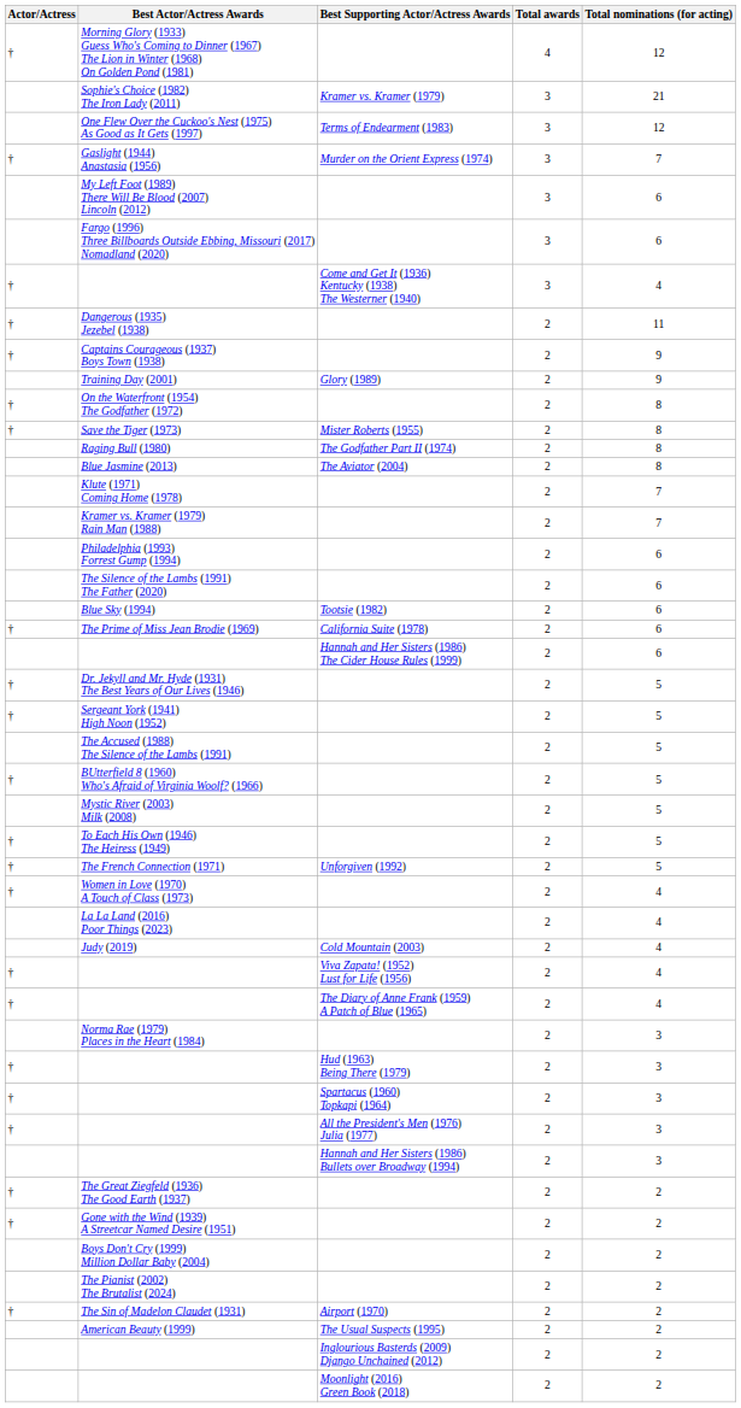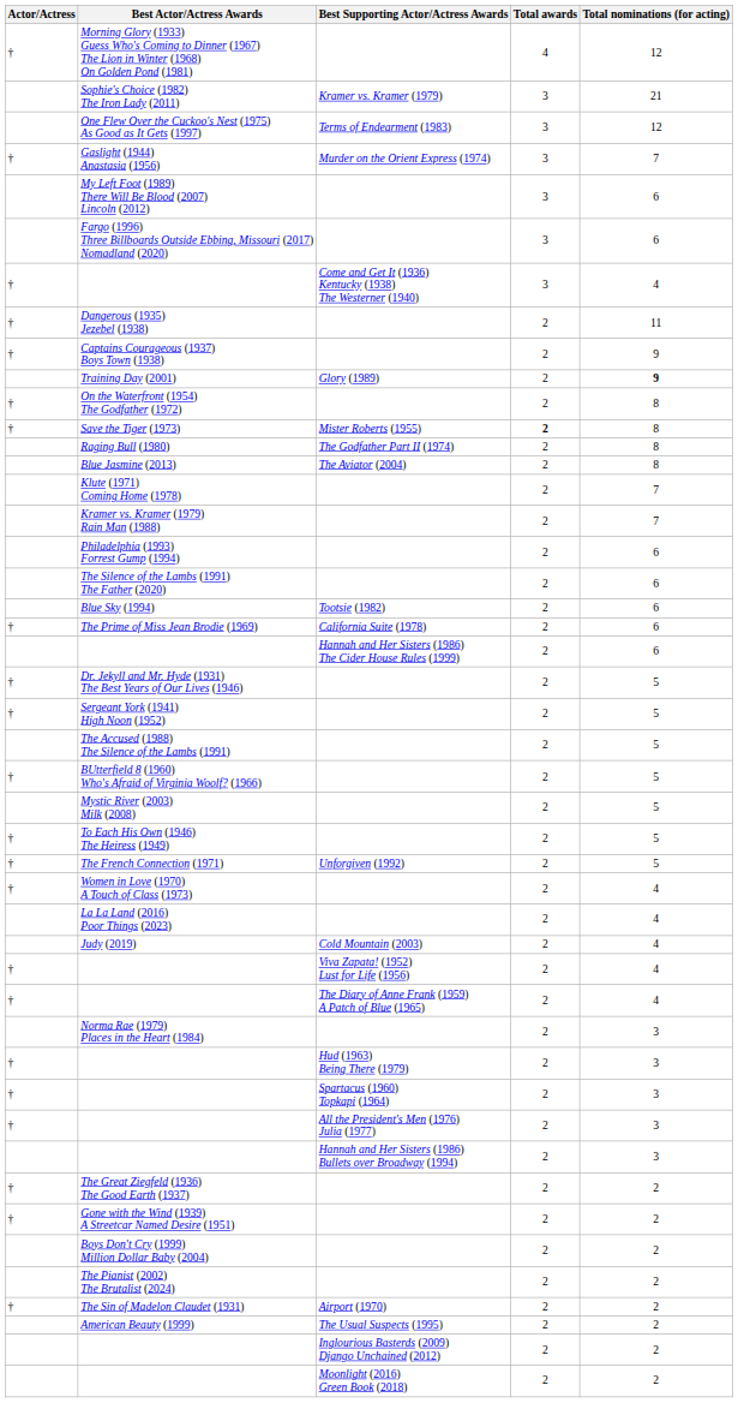 <table class="wikitable sortable" style="background:#fff;">
 <tr>
 <th>Actor/Actress</th>
 <th>Best Actor/Actress Awards</th>
 <th>Best Supporting Actor/Actress Awards</th>
 <th>Total awards</th>
 <th>Total nominations (for acting)</th>
 </tr>
 <tr>
 <td> †</td>
 <td><em><a href='#'>Morning Glory</a></em> (<a href='#'>1933</a>) <br><em><a href='#'>Guess Who's Coming to Dinner</a></em> (<a href='#'>1967</a>)<br><em><a href='#'>The Lion in Winter</a></em> (<a href='#'>1968</a>)<br> <em><a href='#'>On Golden Pond</a></em> (<a href='#'>1981</a>)</td>
 <td></td>
 <td style="text-align:center;">4</td>
 <td style="text-align:center;">12</td>
 </tr>
 <tr>
 <td></td>
 <td><em><a href='#'>Sophie's Choice</a></em> (<a href='#'>1982</a>) <br><em><a href='#'>The Iron Lady</a></em> (<a href='#'>2011</a>)</td>
 <td><em><a href='#'>Kramer vs. Kramer</a></em> (<a href='#'>1979</a>)</td>
 <td style="text-align:center;">3</td>
 <td style="text-align:center;">21</td>
 </tr>
 <tr>
 <td></td>
 <td><em><a href='#'>One Flew Over the Cuckoo's Nest</a></em> (<a href='#'>1975</a>) <br><em><a href='#'>As Good as It Gets</a></em> (<a href='#'>1997</a>)</td>
 <td><em><a href='#'>Terms of Endearment</a></em> (<a href='#'>1983</a>)</td>
 <td style="text-align:center;">3</td>
 <td style="text-align:center;">12</td>
 </tr>
 <tr>
 <td> †</td>
 <td><em><a href='#'>Gaslight</a></em> (<a href='#'>1944</a>) <br><em><a href='#'>Anastasia</a></em> (<a href='#'>1956</a>)</td>
 <td><em><a href='#'>Murder on the Orient Express</a></em> (<a href='#'>1974</a>)</td>
 <td style="text-align:center;">3</td>
 <td style="text-align:center;">7</td>
 </tr>
 <tr>
 <td></td>
 <td><em><a href='#'>My Left Foot</a></em> (<a href='#'>1989</a>) <br><em><a href='#'>There Will Be Blood</a></em> (<a href='#'>2007</a>) <br><em><a href='#'>Lincoln</a></em> (<a href='#'>2012</a>)</td>
 <td></td>
 <td style="text-align:center;">3</td>
 <td style="text-align:center;">6</td>
 </tr>
 <tr>
 <td></td>
 <td><em><a href='#'>Fargo</a></em> (<a href='#'>1996</a>) <br><em><a href='#'>Three Billboards Outside Ebbing, Missouri</a></em> (<a href='#'>2017</a>) <br><em><a href='#'>Nomadland</a></em> (<a href='#'>2020</a>)</td>
 <td style="text-align:center;"></td>
 <td style="text-align:center;">3</td>
 <td style="text-align:center;">6</td>
 </tr>
 <tr>
 <td> †</td>
 <td></td>
 <td><em><a href='#'>Come and Get It</a></em> (<a href='#'>1936</a>) <br><em><a href='#'>Kentucky</a></em> (<a href='#'>1938</a>) <br><em><a href='#'>The Westerner</a></em> (<a href='#'>1940</a>)</td>
 <td style="text-align:center;">3</td>
 <td style="text-align:center;">4</td>
 </tr>
 <tr>
 <td> †</td>
 <td><em><a href='#'>Dangerous</a></em> (<a href='#'>1935</a>) <br><em><a href='#'>Jezebel</a></em> (<a href='#'>1938</a>)</td>
 <td></td>
 <td style="text-align:center;">2</td>
 <td style="text-align:center;">11</td>
 </tr>
 <tr>
 <td> †</td>
 <td><em><a href='#'>Captains Courageous</a></em> (<a href='#'>1937</a>) <br><em><a href='#'>Boys Town</a></em> (<a href='#'>1938</a>)</td>
 <td></td>
 <td style="text-align:center;">2</td>
 <td style="text-align:center;">9</td>
 </tr>
 <tr>
 <td></td>
 <td><em><a href='#'>Training Day</a></em> (<a href='#'>2001</a>)</td>
 <td><em><a href='#'>Glory</a></em> (<a href='#'>1989</a>)</td>
 <td style="text-align:center;">2</td>
-<td style="text-align:center;">9</td>
+<td style="text-align:center;"><strong>9</strong></td>
 </tr>
 <tr>
 <td> †</td>
 <td><em><a href='#'>On the Waterfront</a></em> (<a href='#'>1954</a>) <br><em><a href='#'>The Godfather</a></em> (<a href='#'>1972</a>)</td>
 <td></td>
 <td style="text-align:center;">2</td>
 <td style="text-align:center;">8</td>
 </tr>
 <tr>
 <td> †</td>
 <td><em><a href='#'>Save the Tiger</a></em> (<a href='#'>1973</a>)</td>
 <td><em><a href='#'>Mister Roberts</a></em> (<a href='#'>1955</a>)</td>
-<td style="text-align:center;">2</td>
+<td style="text-align:center;"><strong>2</strong></td>
 <td style="text-align:center;">8</td>
 </tr>
 <tr>
 <td></td>
 <td><em><a href='#'>Raging Bull</a></em> (<a href='#'>1980</a>)</td>
 <td><em><a href='#'>The Godfather Part II</a></em> (<a href='#'>1974</a>)</td>
 <td style="text-align:center;">2</td>
 <td style="text-align:center;">8</td>
 </tr>
 <tr>
 <td></td>
 <td><em><a href='#'>Blue Jasmine</a></em> (<a href='#'>2013</a>)</td>
 <td><em><a href='#'>The Aviator</a></em> (<a href='#'>2004</a>)</td>
 <td style="text-align:center;">2</td>
 <td style="text-align:center;">8</td>
 </tr>
 <tr>
 <td></td>
 <td><em><a href='#'>Klute</a></em> (<a href='#'>1971</a>) <br><em><a href='#'>Coming Home</a></em> (<a href='#'>1978</a>)</td>
 <td></td>
 <td style="text-align:center;">2</td>
 <td style="text-align:center;">7</td>
 </tr>
 <tr>
 <td></td>
 <td><em><a href='#'>Kramer vs. Kramer</a></em> (<a href='#'>1979</a>) <br><em><a href='#'>Rain Man</a></em> (<a href='#'>1988</a>)</td>
 <td></td>
 <td style="text-align:center;">2</td>
 <td style="text-align:center;">7</td>
 </tr>
 <tr>
 <td></td>
 <td><em><a href='#'>Philadelphia</a></em> (<a href='#'>1993</a>) <br><em><a href='#'>Forrest Gump</a></em> (<a href='#'>1994</a>)</td>
 <td></td>
 <td style="text-align:center;">2</td>
 <td style="text-align:center;">6</td>
 </tr>
 <tr>
 <td></td>
 <td><em><a href='#'>The Silence of the Lambs</a></em> (<a href='#'>1991</a>) <br><em><a href='#'>The Father</a></em> (<a href='#'>2020</a>)</td>
 <td></td>
 <td style="text-align:center;">2</td>
 <td style="text-align:center;">6</td>
 </tr>
 <tr>
 <td></td>
 <td><em><a href='#'>Blue Sky</a></em> (<a href='#'>1994</a>)</td>
 <td><em><a href='#'>Tootsie</a></em> (<a href='#'>1982</a>)</td>
 <td style="text-align:center;">2</td>
 <td style="text-align:center;">6</td>
 </tr>
 <tr>
 <td> †</td>
 <td><em><a href='#'>The Prime of Miss Jean Brodie</a></em> (<a href='#'>1969</a>)</td>
 <td><em><a href='#'>California Suite</a></em> (<a href='#'>1978</a>)</td>
 <td style="text-align:center;">2</td>
 <td style="text-align:center;">6</td>
 </tr>
 <tr>
 <td></td>
 <td></td>
 <td><em><a href='#'>Hannah and Her Sisters</a></em> (<a href='#'>1986</a>) <br><em><a href='#'>The Cider House Rules</a></em> (<a href='#'>1999</a>)</td>
 <td style="text-align:center;">2</td>
 <td style="text-align:center;">6</td>
 </tr>
 <tr>
 <td> †</td>
 <td><em><a href='#'>Dr. Jekyll and Mr. Hyde</a></em> (<a href='#'>1931</a>) <br><em><a href='#'>The Best Years of Our Lives</a></em> (<a href='#'>1946</a>)</td>
 <td></td>
 <td style="text-align:center;">2</td>
 <td style="text-align:center;">5</td>
 </tr>
 <tr>
 <td> †</td>
 <td><em><a href='#'>Sergeant York</a></em> (<a href='#'>1941</a>) <br><em><a href='#'>High Noon</a></em> (<a href='#'>1952</a>)</td>
 <td></td>
 <td style="text-align:center;">2</td>
 <td style="text-align:center;">5</td>
 </tr>
 <tr>
 <td></td>
 <td><em><a href='#'>The Accused</a></em> (<a href='#'>1988</a>) <br><em><a href='#'>The Silence of the Lambs</a></em> (<a href='#'>1991</a>)</td>
 <td></td>
 <td style="text-align:center;">2</td>
 <td style="text-align:center;">5</td>
 </tr>
 <tr>
 <td> †</td>
 <td><em><a href='#'>BUtterfield 8</a></em> (<a href='#'>1960</a>) <br><em><a href='#'>Who's Afraid of Virginia Woolf?</a></em> (<a href='#'>1966</a>)</td>
 <td></td>
 <td style="text-align:center;">2</td>
 <td style="text-align:center;">5</td>
 </tr>
 <tr>
 <td></td>
 <td><em><a href='#'>Mystic River</a></em> (<a href='#'>2003</a>) <br><em><a href='#'>Milk</a></em> (<a href='#'>2008</a>)</td>
 <td></td>
 <td style="text-align:center;">2</td>
 <td style="text-align:center;">5</td>
 </tr>
 <tr>
 <td> †</td>
 <td><em><a href='#'>To Each His Own</a></em> (<a href='#'>1946</a>) <br><em><a href='#'>The Heiress</a></em> (<a href='#'>1949</a>)</td>
 <td></td>
 <td style="text-align:center;">2</td>
 <td style="text-align:center;">5</td>
 </tr>
 <tr>
 <td> †</td>
 <td><em><a href='#'>The French Connection</a></em> (<a href='#'>1971</a>)</td>
 <td><em><a href='#'>Unforgiven</a></em> (<a href='#'>1992</a>)</td>
 <td style="text-align:center;">2</td>
 <td style="text-align:center;">5</td>
 </tr>
 <tr>
 <td> †</td>
 <td><em><a href='#'>Women in Love</a></em> (<a href='#'>1970</a>) <br><em><a href='#'>A Touch of Class</a></em> (<a href='#'>1973</a>)</td>
 <td></td>
 <td style="text-align:center;">2</td>
 <td style="text-align:center;">4</td>
 </tr>
 <tr>
 <td></td>
 <td><em><a href='#'>La La Land</a></em> (<a href='#'>2016</a>) <br><em><a href='#'>Poor Things</a></em> (<a href='#'>2023</a>)</td>
 <td></td>
 <td style="text-align:center;">2</td>
 <td style="text-align:center;">4</td>
 </tr>
 <tr>
 <td></td>
 <td><em><a href='#'>Judy</a></em> (<a href='#'>2019</a>)</td>
 <td><em><a href='#'>Cold Mountain</a></em> (<a href='#'>2003</a>)</td>
 <td style="text-align:center;">2</td>
 <td style="text-align:center;">4</td>
 </tr>
 <tr>
 <td> †</td>
 <td></td>
 <td><em><a href='#'>Viva Zapata!</a></em> (<a href='#'>1952</a>) <br><em><a href='#'>Lust for Life</a></em> (<a href='#'>1956</a>)</td>
 <td style="text-align:center;">2</td>
 <td style="text-align:center;">4</td>
 </tr>
 <tr>
 <td> †</td>
 <td></td>
 <td><em><a href='#'>The Diary of Anne Frank</a></em> (<a href='#'>1959</a>) <br><em><a href='#'>A Patch of Blue</a></em> (<a href='#'>1965</a>)</td>
 <td style="text-align:center;">2</td>
 <td style="text-align:center;">4</td>
 </tr>
 <tr>
 <td></td>
 <td><em><a href='#'>Norma Rae</a></em> (<a href='#'>1979</a>) <br><em><a href='#'>Places in the Heart</a></em> (<a href='#'>1984</a>)</td>
 <td></td>
 <td style="text-align:center;">2</td>
 <td style="text-align:center;">3</td>
 </tr>
 <tr>
 <td> †</td>
 <td></td>
 <td><em><a href='#'>Hud</a></em> (<a href='#'>1963</a>) <br><em><a href='#'>Being There</a></em> (<a href='#'>1979</a>)</td>
 <td style="text-align:center;">2</td>
 <td style="text-align:center;">3</td>
 </tr>
 <tr>
 <td> †</td>
 <td></td>
 <td><em><a href='#'>Spartacus</a></em> (<a href='#'>1960</a>) <br><em><a href='#'>Topkapi</a></em> (<a href='#'>1964</a>)</td>
 <td style="text-align:center;">2</td>
 <td style="text-align:center;">3</td>
 </tr>
 <tr>
 <td> †</td>
 <td></td>
 <td><em><a href='#'>All the President's Men</a></em> (<a href='#'>1976</a>) <br><em><a href='#'>Julia</a></em> (<a href='#'>1977</a>)</td>
 <td style="text-align:center;">2</td>
 <td style="text-align:center;">3</td>
 </tr>
 <tr>
 <td></td>
 <td></td>
 <td><em><a href='#'>Hannah and Her Sisters</a></em> (<a href='#'>1986</a>) <br><em><a href='#'>Bullets over Broadway</a></em> (<a href='#'>1994</a>)</td>
 <td style="text-align:center;">2</td>
 <td style="text-align:center;">3</td>
 </tr>
 <tr>
 <td> †</td>
 <td><em><a href='#'>The Great Ziegfeld</a></em> (<a href='#'>1936</a>) <br><em><a href='#'>The Good Earth</a></em> (<a href='#'>1937</a>)</td>
 <td></td>
 <td style="text-align:center;">2</td>
 <td style="text-align:center;">2</td>
 </tr>
 <tr>
 <td> †</td>
 <td><em><a href='#'>Gone with the Wind</a></em> (<a href='#'>1939</a>) <br><em><a href='#'>A Streetcar Named Desire</a></em> (<a href='#'>1951</a>)</td>
 <td></td>
 <td style="text-align:center;">2</td>
 <td style="text-align:center;">2</td>
 </tr>
 <tr>
 <td></td>
 <td><em><a href='#'>Boys Don't Cry</a></em> (<a href='#'>1999</a>) <br><em><a href='#'>Million Dollar Baby</a></em> (<a href='#'>2004</a>)</td>
 <td></td>
 <td style="text-align:center;">2</td>
 <td style="text-align:center;">2</td>
 </tr>
 <tr>
 <td></td>
 <td><em><a href='#'>The Pianist</a></em> (<a href='#'>2002</a>) <br><em><a href='#'>The Brutalist</a></em> (<a href='#'>2024</a>)</td>
 <td></td>
 <td style="text-align:center;">2</td>
 <td style="text-align:center;">2</td>
 </tr>
 <tr>
 <td> †</td>
 <td><em><a href='#'>The Sin of Madelon Claudet</a></em> (<a href='#'>1931</a>)</td>
 <td><em><a href='#'>Airport</a></em> (<a href='#'>1970</a>)</td>
 <td style="text-align:center;">2</td>
 <td style="text-align:center;">2</td>
 </tr>
 <tr>
 <td></td>
 <td><em><a href='#'>American Beauty</a></em> (<a href='#'>1999</a>)</td>
 <td><em><a href='#'>The Usual Suspects</a></em> (<a href='#'>1995</a>)</td>
 <td style="text-align:center;">2</td>
 <td style="text-align:center;">2</td>
 </tr>
 <tr>
 <td></td>
 <td></td>
 <td><em><a href='#'>Inglourious Basterds</a></em> (<a href='#'>2009</a>) <br><em><a href='#'>Django Unchained</a></em> (<a href='#'>2012</a>)</td>
 <td style="text-align:center;">2</td>
 <td style="text-align:center;">2</td>
 </tr>
 <tr>
 <td></td>
 <td></td>
 <td><em><a href='#'>Moonlight</a></em> (<a href='#'>2016</a>) <br><em><a href='#'>Green Book</a></em> (<a href='#'>2018</a>)</td>
 <td style="text-align:center;">2</td>
 <td style="text-align:center;">2</td>
 </tr>
 </table>
